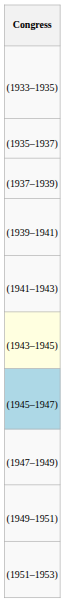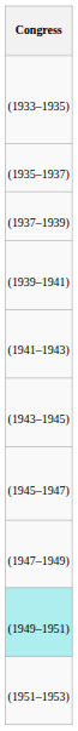 <table class="wikitable" style="float:left; margin:0; margin-right:-0.5px; margin-top:14px; text-align:center;">
 <tr style="white-space:nowrap; height:4.12em;">
 <th>Congress</th>
 </tr>
 <tr style="white-space:nowrap; height:7.3em;">
 <td><strong></strong><br>(1933–1935)</td>
 </tr>
 <tr style="white-space:nowrap; height:4.04em">
 <td><strong></strong><br>(1935–1937)</td>
 </tr>
 <tr style="white-space:nowrap; height:4.07em">
 <td><strong></strong><br>(1937–1939)</td>
 </tr>
 <tr style="white-space:nowrap; height:5.7em">
 <td><strong></strong><br>(1939–1941)</td>
 </tr>
 <tr style="white-space:nowrap; height:5.7em">
 <td><strong></strong><br>(1941–1943)</td>
 </tr>
 <tr style="white-space:nowrap; height:5.7em;">
-<td style="background: lightyellow;"><strong></strong><br>(1943–1945)</td>
+<td><strong></strong><br>(1943–1945)</td>
 </tr>
 <tr style="white-space:nowrap; height:6.14em">
-<td style="background: lightblue;"><strong></strong><br>(1945–1947)</td>
+<td><strong></strong><br>(1945–1947)</td>
 </tr>
 <tr style="white-space:nowrap; height:5.6em">
 <td><strong></strong><br>(1947–1949)</td>
 </tr>
 <tr style="white-space:nowrap; height:5.7em">
-<td><strong></strong><br>(1949–1951)</td>
+<td style="background: paleturquoise;"><strong></strong><br>(1949–1951)</td>
 </tr>
 <tr style="white-space:nowrap; height:5.7em">
 <td><strong></strong><br>(1951–1953)</td>
 </tr>
 </table>
